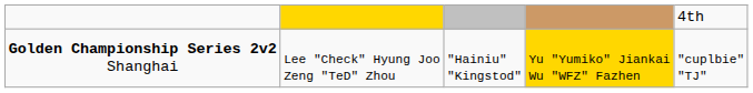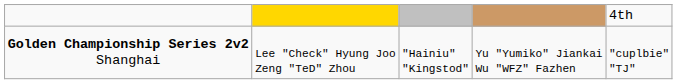 <table class="wikitable" style="text-align:left">
 <tr>
 <td style="text-align:center"></td>
 <td style="text-align:center; background:gold;"></td>
 <td style="text-align:center; background:silver;"></td>
 <td style="text-align:center; background:#c96;"></td>
 <td>4th</td>
 </tr>
 <tr>
 <td style="text-align:center"><strong>Golden Championship Series 2v2</strong><br> Shanghai</td>
 <td style="vertical-align:top"><br><small> Lee "Check" Hyung Joo<br> Zeng "TeD" Zhou <br></small></td>
 <td style="vertical-align:top"><br><small> "Hainiu"<br> "Kingstod" <br></small></td>
-<td style="background: gold; vertical-align:top"><br><small> Yu "Yumiko" Jiankai <br> Wu "WFZ" Fazhen<br></small></td>
+<td style="vertical-align:top"><br><small> Yu "Yumiko" Jiankai <br> Wu "WFZ" Fazhen<br></small></td>
 <td style="vertical-align:top"><br><small> "cuplbie"<br> "TJ" <br></small></td>
 </tr>
 </table>
